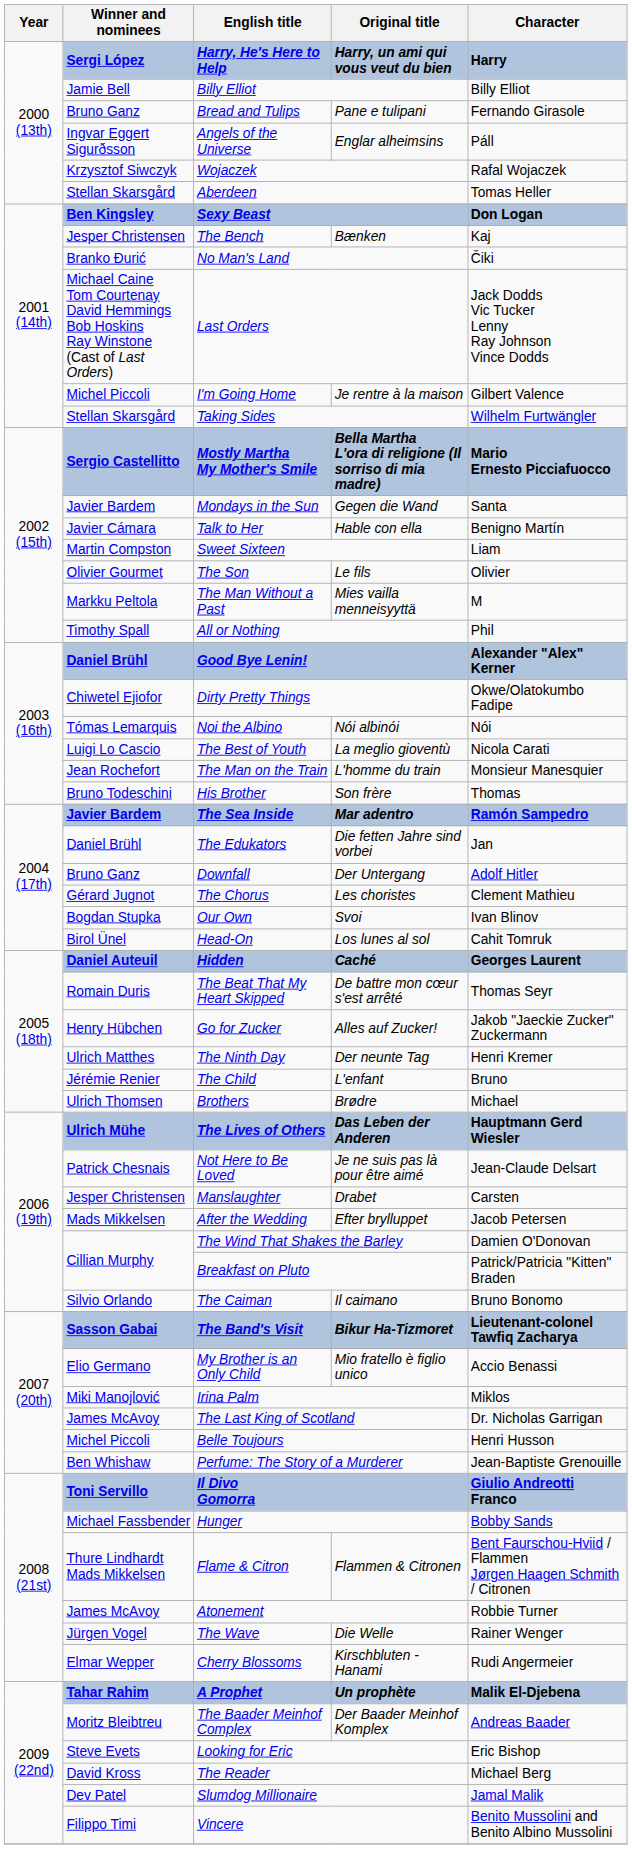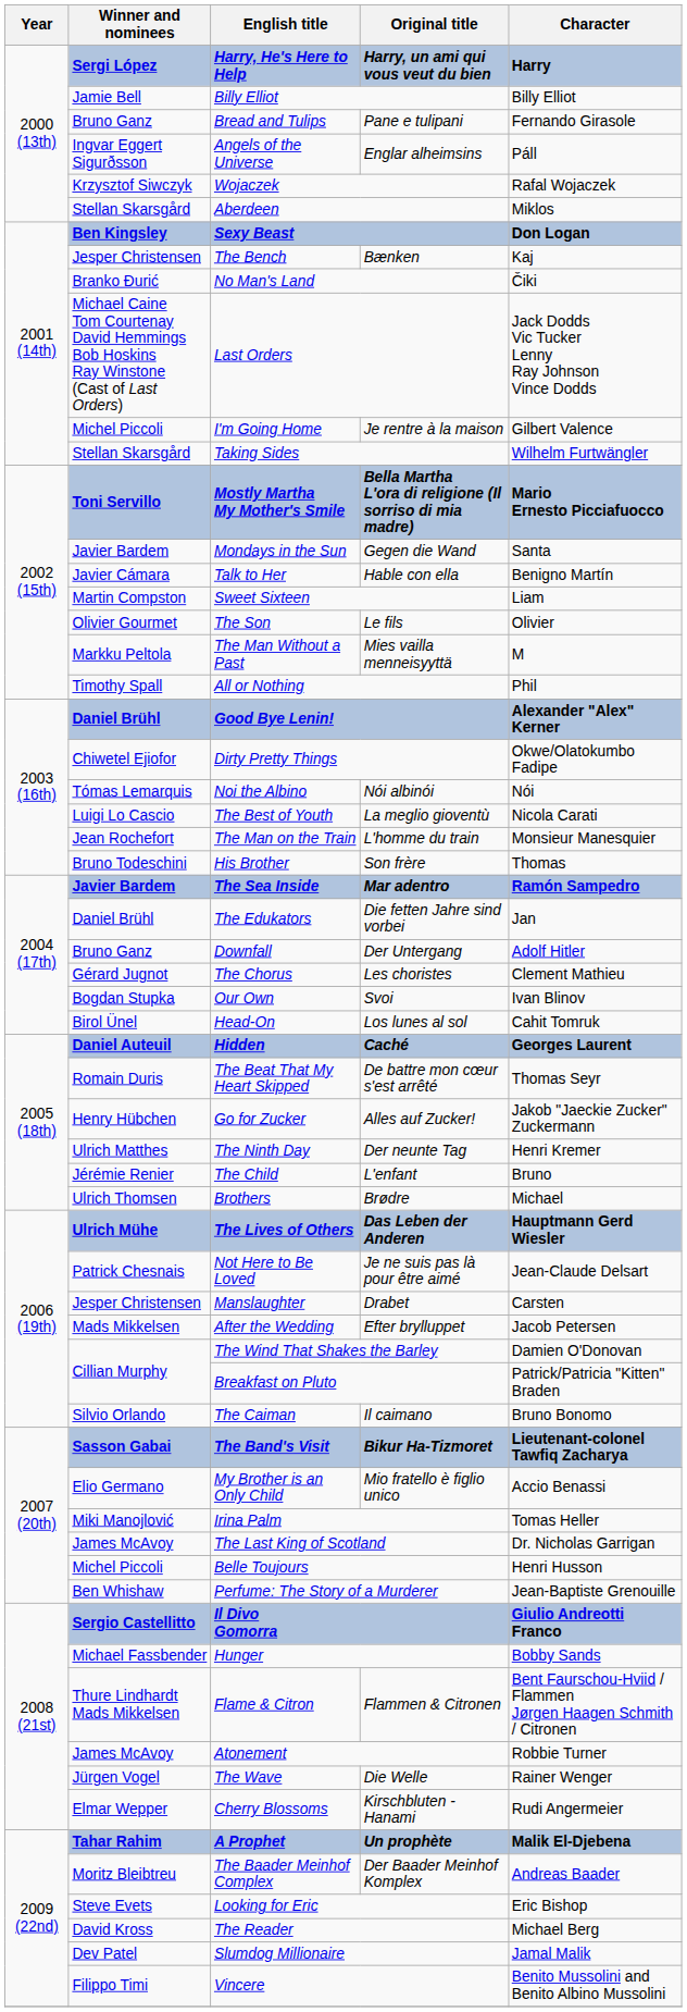 <table class="wikitable" width="82%" cellpadding="5">
 <tr>
 <th width="100"><strong>Year</strong></th>
 <th width="300"><strong>Winner and nominees</strong></th>
 <th width="300"><strong>English title</strong></th>
 <th width="300"><strong>Original title</strong></th>
 <th width="300">Character</th>
 </tr>
 <tr>
 <td rowspan="6" style="text-align:center;">2000<br><a href='#'>(13th)</a><br></td>
 <td style="background:#B0C4DE;"><strong><a href='#'>Sergi López</a></strong></td>
 <td style="background:#B0C4DE;"><strong><em><a href='#'>Harry, He's Here to Help</a></em></strong></td>
 <td style="background:#B0C4DE;"><strong><em>Harry, un ami qui vous veut du bien</em></strong></td>
 <td style="background:#B0C4DE;"><strong>Harry</strong></td>
 </tr>
 <tr>
 <td><a href='#'>Jamie Bell</a></td>
 <td colspan="2"><em><a href='#'>Billy Elliot</a></em></td>
 <td>Billy Elliot</td>
 </tr>
 <tr>
 <td><a href='#'>Bruno Ganz</a></td>
 <td><em><a href='#'>Bread and Tulips</a></em></td>
 <td><em>Pane e tulipani</em></td>
 <td>Fernando Girasole</td>
 </tr>
 <tr>
 <td><a href='#'>Ingvar Eggert Sigurðsson</a></td>
 <td><em><a href='#'>Angels of the Universe</a></em></td>
 <td><em>Englar alheimsins</em></td>
 <td>Páll</td>
 </tr>
 <tr>
 <td><a href='#'>Krzysztof Siwczyk</a></td>
 <td colspan="2"><em><a href='#'>Wojaczek</a></em></td>
 <td>Rafal Wojaczek</td>
 </tr>
 <tr>
 <td><a href='#'>Stellan Skarsgård</a></td>
 <td colspan="2"><em><a href='#'>Aberdeen</a></em></td>
-<td>Tomas Heller</td>
+<td>Miklos</td>
 </tr>
 <tr>
 <td rowspan="6" style="text-align:center;">2001<br><a href='#'>(14th)</a><br></td>
 <td style="background:#B0C4DE;"><strong><a href='#'>Ben Kingsley</a></strong></td>
 <td colspan="2" style="background:#B0C4DE;"><strong><em><a href='#'>Sexy Beast</a></em></strong></td>
 <td style="background:#B0C4DE;"><strong>Don Logan</strong></td>
 </tr>
 <tr>
 <td><a href='#'>Jesper Christensen</a></td>
 <td><em><a href='#'>The Bench</a></em></td>
 <td><em>Bænken</em></td>
 <td>Kaj</td>
 </tr>
 <tr>
 <td><a href='#'>Branko Đurić</a></td>
 <td colspan="2"><em><a href='#'>No Man's Land</a></em></td>
 <td>Čiki</td>
 </tr>
 <tr>
 <td><a href='#'>Michael Caine</a><br> <a href='#'>Tom Courtenay</a><br> <a href='#'>David Hemmings</a><br> <a href='#'>Bob Hoskins</a><br> <a href='#'>Ray Winstone</a> <br>(Cast of <em>Last Orders</em>)</td>
 <td colspan="2"><em><a href='#'>Last Orders</a></em></td>
 <td>Jack Dodds<br>Vic Tucker <br>Lenny <br>Ray Johnson <br>Vince Dodds <br></td>
 </tr>
 <tr>
 <td><a href='#'>Michel Piccoli</a></td>
 <td><em><a href='#'>I'm Going Home</a></em></td>
 <td><em>Je rentre à la maison</em></td>
 <td>Gilbert Valence</td>
 </tr>
 <tr>
 <td><a href='#'>Stellan Skarsgård</a></td>
 <td colspan="2"><em><a href='#'>Taking Sides</a></em></td>
 <td><a href='#'>Wilhelm Furtwängler</a></td>
 </tr>
 <tr>
 <td rowspan="7" style="text-align:center;">2002<br><a href='#'>(15th)</a><br></td>
-<td style="background:#B0C4DE;"><strong><a href='#'>Sergio Castellitto</a></strong></td>
+<td style="background:#B0C4DE;"><strong><a href='#'>Toni Servillo</a></strong></td>
 <td style="background:#B0C4DE;"><strong><em><a href='#'>Mostly Martha</a><em><br></em><a href='#'>My Mother's Smile</a></em></strong></td>
 <td style="background:#B0C4DE;"><strong><em>Bella Martha<em><br></em>L'ora di religione (Il sorriso di mia madre)</em></strong></td>
 <td style="background:#B0C4DE;"><strong>Mario<br>Ernesto Picciafuocco</strong></td>
 </tr>
 <tr>
 <td><a href='#'>Javier Bardem</a></td>
 <td><em><a href='#'>Mondays in the Sun</a></em></td>
 <td><em>Gegen die Wand</em></td>
 <td>Santa</td>
 </tr>
 <tr>
 <td><a href='#'>Javier Cámara</a></td>
 <td><em><a href='#'>Talk to Her</a></em></td>
 <td><em>Hable con ella</em></td>
 <td>Benigno Martín</td>
 </tr>
 <tr>
 <td><a href='#'>Martin Compston</a></td>
 <td colspan="2"><em><a href='#'>Sweet Sixteen</a></em></td>
 <td>Liam</td>
 </tr>
 <tr>
 <td><a href='#'>Olivier Gourmet</a></td>
 <td><em><a href='#'>The Son</a></em></td>
 <td><em>Le fils</em></td>
 <td>Olivier</td>
 </tr>
 <tr>
 <td><a href='#'>Markku Peltola</a></td>
 <td><em><a href='#'>The Man Without a Past</a></em></td>
 <td><em>Mies vailla menneisyyttä</em></td>
 <td>M</td>
 </tr>
 <tr>
 <td><a href='#'>Timothy Spall</a></td>
 <td colspan="2"><em><a href='#'>All or Nothing</a></em></td>
 <td>Phil</td>
 </tr>
 <tr>
 <td rowspan="6" style="text-align:center;">2003<br><a href='#'>(16th)</a><br></td>
 <td style="background:#B0C4DE;"><strong><a href='#'>Daniel Brühl</a></strong></td>
 <td colspan="2" style="background:#B0C4DE;"><strong><em><a href='#'>Good Bye Lenin!</a></em></strong></td>
 <td style="background:#B0C4DE;"><strong>Alexander "Alex" Kerner</strong></td>
 </tr>
 <tr>
 <td><a href='#'>Chiwetel Ejiofor</a></td>
 <td colspan="2"><em><a href='#'>Dirty Pretty Things</a></em></td>
 <td>Okwe/Olatokumbo Fadipe</td>
 </tr>
 <tr>
 <td><a href='#'>Tómas Lemarquis</a></td>
 <td><em><a href='#'>Noi the Albino</a></em></td>
 <td><em>Nói albinói</em></td>
 <td>Nói</td>
 </tr>
 <tr>
 <td><a href='#'>Luigi Lo Cascio</a></td>
 <td><em><a href='#'>The Best of Youth</a></em></td>
 <td><em>La meglio gioventù</em></td>
 <td>Nicola Carati</td>
 </tr>
 <tr>
 <td><a href='#'>Jean Rochefort</a></td>
 <td><em><a href='#'>The Man on the Train</a></em></td>
 <td><em>L'homme du train</em></td>
 <td>Monsieur Manesquier</td>
 </tr>
 <tr>
 <td><a href='#'>Bruno Todeschini</a></td>
 <td><em><a href='#'>His Brother</a></em></td>
 <td><em>Son frère</em></td>
 <td>Thomas</td>
 </tr>
 <tr>
 <td rowspan="6" style="text-align:center;">2004<br><a href='#'>(17th)</a><br></td>
 <td style="background:#B0C4DE;"><strong><a href='#'>Javier Bardem</a></strong></td>
 <td style="background:#B0C4DE;"><strong><em><a href='#'>The Sea Inside</a></em></strong></td>
 <td style="background:#B0C4DE;"><strong><em>Mar adentro</em></strong></td>
 <td style="background:#B0C4DE;"><strong><a href='#'>Ramón Sampedro</a></strong></td>
 </tr>
 <tr>
 <td><a href='#'>Daniel Brühl</a></td>
 <td><em><a href='#'>The Edukators</a></em></td>
 <td><em>Die fetten Jahre sind vorbei</em></td>
 <td>Jan</td>
 </tr>
 <tr>
 <td><a href='#'>Bruno Ganz</a></td>
 <td><em><a href='#'>Downfall</a></em></td>
 <td><em>Der Untergang</em></td>
 <td><a href='#'>Adolf Hitler</a></td>
 </tr>
 <tr>
 <td><a href='#'>Gérard Jugnot</a></td>
 <td><em><a href='#'>The Chorus</a></em></td>
 <td><em>Les choristes</em></td>
 <td>Clement Mathieu</td>
 </tr>
 <tr>
 <td><a href='#'>Bogdan Stupka</a></td>
 <td><em><a href='#'>Our Own</a></em></td>
 <td><em>Svoi</em></td>
 <td>Ivan Blinov</td>
 </tr>
 <tr>
 <td><a href='#'>Birol Ünel</a></td>
 <td><em><a href='#'>Head-On</a></em></td>
 <td><em>Los lunes al sol</em></td>
 <td>Cahit Tomruk</td>
 </tr>
 <tr>
 <td rowspan="6" style="text-align:center;">2005<br><a href='#'>(18th)</a><br></td>
 <td style="background:#B0C4DE;"><strong><a href='#'>Daniel Auteuil</a></strong></td>
 <td style="background:#B0C4DE;"><strong><em><a href='#'>Hidden</a></em></strong></td>
 <td style="background:#B0C4DE;"><strong><em>Caché</em></strong></td>
 <td style="background:#B0C4DE;"><strong>Georges Laurent</strong></td>
 </tr>
 <tr>
 <td><a href='#'>Romain Duris</a></td>
 <td><em><a href='#'>The Beat That My Heart Skipped</a></em></td>
 <td><em>De battre mon cœur s'est arrêté</em></td>
 <td>Thomas Seyr</td>
 </tr>
 <tr>
 <td><a href='#'>Henry Hübchen</a></td>
 <td><em><a href='#'>Go for Zucker</a></em></td>
 <td><em>Alles auf Zucker!</em></td>
 <td>Jakob "Jaeckie Zucker" Zuckermann</td>
 </tr>
 <tr>
 <td><a href='#'>Ulrich Matthes</a></td>
 <td><em><a href='#'>The Ninth Day</a></em></td>
 <td><em>Der neunte Tag</em></td>
 <td>Henri Kremer</td>
 </tr>
 <tr>
 <td><a href='#'>Jérémie Renier</a></td>
 <td><em><a href='#'>The Child</a></em></td>
 <td><em>L'enfant</em></td>
 <td>Bruno</td>
 </tr>
 <tr>
 <td><a href='#'>Ulrich Thomsen</a></td>
 <td><em><a href='#'>Brothers</a></em></td>
 <td><em>Brødre</em></td>
 <td>Michael</td>
 </tr>
 <tr>
 <td rowspan="7" style="text-align:center;">2006<br><a href='#'>(19th)</a><br></td>
 <td style="background:#B0C4DE;"><strong><a href='#'>Ulrich Mühe</a></strong></td>
 <td style="background:#B0C4DE;"><strong><em><a href='#'>The Lives of Others</a></em></strong></td>
 <td style="background:#B0C4DE;"><strong><em>Das Leben der Anderen</em></strong></td>
 <td style="background:#B0C4DE;"><strong>Hauptmann Gerd Wiesler</strong></td>
 </tr>
 <tr>
 <td><a href='#'>Patrick Chesnais</a></td>
 <td><em><a href='#'>Not Here to Be Loved</a></em></td>
 <td><em>Je ne suis pas là pour être aimé</em></td>
 <td>Jean-Claude Delsart</td>
 </tr>
 <tr>
 <td><a href='#'>Jesper Christensen</a></td>
 <td><em><a href='#'>Manslaughter</a></em></td>
 <td><em>Drabet</em></td>
 <td>Carsten</td>
 </tr>
 <tr>
 <td><a href='#'>Mads Mikkelsen</a></td>
 <td><em><a href='#'>After the Wedding</a></em></td>
 <td><em>Efter brylluppet</em></td>
 <td>Jacob Petersen</td>
 </tr>
 <tr>
 <td rowspan="2"><a href='#'>Cillian Murphy</a></td>
 <td colspan="2"><em><a href='#'>The Wind That Shakes the Barley</a></em></td>
 <td>Damien O'Donovan</td>
 </tr>
 <tr>
 <td colspan="2"><em><a href='#'>Breakfast on Pluto</a></em></td>
 <td>Patrick/Patricia "Kitten" Braden</td>
 </tr>
 <tr>
 <td><a href='#'>Silvio Orlando</a></td>
 <td><em><a href='#'>The Caiman</a></em></td>
 <td><em>Il caimano</em></td>
 <td>Bruno Bonomo</td>
 </tr>
 <tr>
 <td rowspan="6" style="text-align:center;">2007<br><a href='#'>(20th)</a><br></td>
 <td style="background:#B0C4DE;"><strong><a href='#'>Sasson Gabai</a></strong></td>
 <td style="background:#B0C4DE;"><strong><em><a href='#'>The Band's Visit</a></em></strong></td>
 <td style="background:#B0C4DE;"><strong><em>Bikur Ha-Tizmoret</em></strong></td>
 <td style="background:#B0C4DE;"><strong>Lieutenant-colonel Tawfiq Zacharya</strong></td>
 </tr>
 <tr>
 <td><a href='#'>Elio Germano</a></td>
 <td><em><a href='#'>My Brother is an Only Child</a></em></td>
 <td><em>Mio fratello è figlio unico</em></td>
 <td>Accio Benassi</td>
 </tr>
 <tr>
 <td><a href='#'>Miki Manojlović</a></td>
 <td colspan="2"><em><a href='#'>Irina Palm</a></em></td>
-<td>Miklos</td>
+<td>Tomas Heller</td>
 </tr>
 <tr>
 <td><a href='#'>James McAvoy</a></td>
 <td colspan="2"><em><a href='#'>The Last King of Scotland</a></em></td>
 <td>Dr. Nicholas Garrigan</td>
 </tr>
 <tr>
 <td><a href='#'>Michel Piccoli</a></td>
 <td colspan="2"><em><a href='#'>Belle Toujours</a></em></td>
 <td>Henri Husson</td>
 </tr>
 <tr>
 <td><a href='#'>Ben Whishaw</a></td>
 <td colspan="2"><em><a href='#'>Perfume: The Story of a Murderer</a></em></td>
 <td>Jean-Baptiste Grenouille</td>
 </tr>
 <tr>
 <td rowspan="6" style="text-align:center;">2008<br><a href='#'>(21st)</a><br></td>
-<td style="background:#B0C4DE;"><strong><a href='#'>Toni Servillo</a></strong></td>
+<td style="background:#B0C4DE;"><strong><a href='#'>Sergio Castellitto</a></strong></td>
 <td colspan="2" style="background:#B0C4DE;"><strong><em><a href='#'>Il Divo</a><em><br></em><a href='#'>Gomorra</a></em></strong></td>
 <td style="background:#B0C4DE;"><strong><a href='#'>Giulio Andreotti</a><br>Franco</strong></td>
 </tr>
 <tr>
 <td><a href='#'>Michael Fassbender</a></td>
 <td colspan="2"><em><a href='#'>Hunger</a></em></td>
 <td><a href='#'>Bobby Sands</a></td>
 </tr>
 <tr>
 <td><a href='#'>Thure Lindhardt</a><br>  <a href='#'>Mads Mikkelsen</a></td>
 <td><em><a href='#'>Flame & Citron</a></em></td>
 <td><em>Flammen & Citronen</em></td>
 <td><a href='#'>Bent Faurschou-Hviid</a> / Flammen<br><a href='#'>Jørgen Haagen Schmith</a> / Citronen</td>
 </tr>
 <tr>
 <td><a href='#'>James McAvoy</a></td>
 <td colspan="2"><em><a href='#'>Atonement</a></em></td>
 <td>Robbie Turner</td>
 </tr>
 <tr>
 <td><a href='#'>Jürgen Vogel</a></td>
 <td><em><a href='#'>The Wave</a></em></td>
 <td><em>Die Welle</em></td>
 <td>Rainer Wenger</td>
 </tr>
 <tr>
 <td><a href='#'>Elmar Wepper</a></td>
 <td><em><a href='#'>Cherry Blossoms</a></em></td>
 <td><em>Kirschbluten - Hanami</em></td>
 <td>Rudi Angermeier</td>
 </tr>
 <tr>
 <td rowspan="6" style="text-align:center;">2009<br><a href='#'>(22nd)</a><br></td>
 <td style="background:#B0C4DE;"><strong><a href='#'>Tahar Rahim</a></strong></td>
 <td style="background:#B0C4DE;"><strong><em><a href='#'>A Prophet</a></em></strong></td>
 <td style="background:#B0C4DE;"><strong><em>Un prophète</em></strong></td>
 <td style="background:#B0C4DE;"><strong>Malik El-Djebena</strong></td>
 </tr>
 <tr>
 <td><a href='#'>Moritz Bleibtreu</a></td>
 <td><em><a href='#'>The Baader Meinhof Complex</a></em></td>
 <td><em>Der Baader Meinhof Komplex</em></td>
 <td><a href='#'>Andreas Baader</a></td>
 </tr>
 <tr>
 <td><a href='#'>Steve Evets</a></td>
 <td colspan="2"><em><a href='#'>Looking for Eric</a></em></td>
 <td>Eric Bishop</td>
 </tr>
 <tr>
 <td><a href='#'>David Kross</a></td>
 <td colspan="2"><em><a href='#'>The Reader</a></em></td>
 <td>Michael Berg</td>
 </tr>
 <tr>
 <td><a href='#'>Dev Patel</a></td>
 <td colspan="2"><em><a href='#'>Slumdog Millionaire</a></em></td>
 <td><a href='#'>Jamal Malik</a></td>
 </tr>
 <tr>
 <td><a href='#'>Filippo Timi</a></td>
 <td colspan="2"><em><a href='#'>Vincere</a></em></td>
 <td><a href='#'>Benito Mussolini</a> and Benito Albino Mussolini</td>
 </tr>
 <tr>
 </tr>
 </table>
